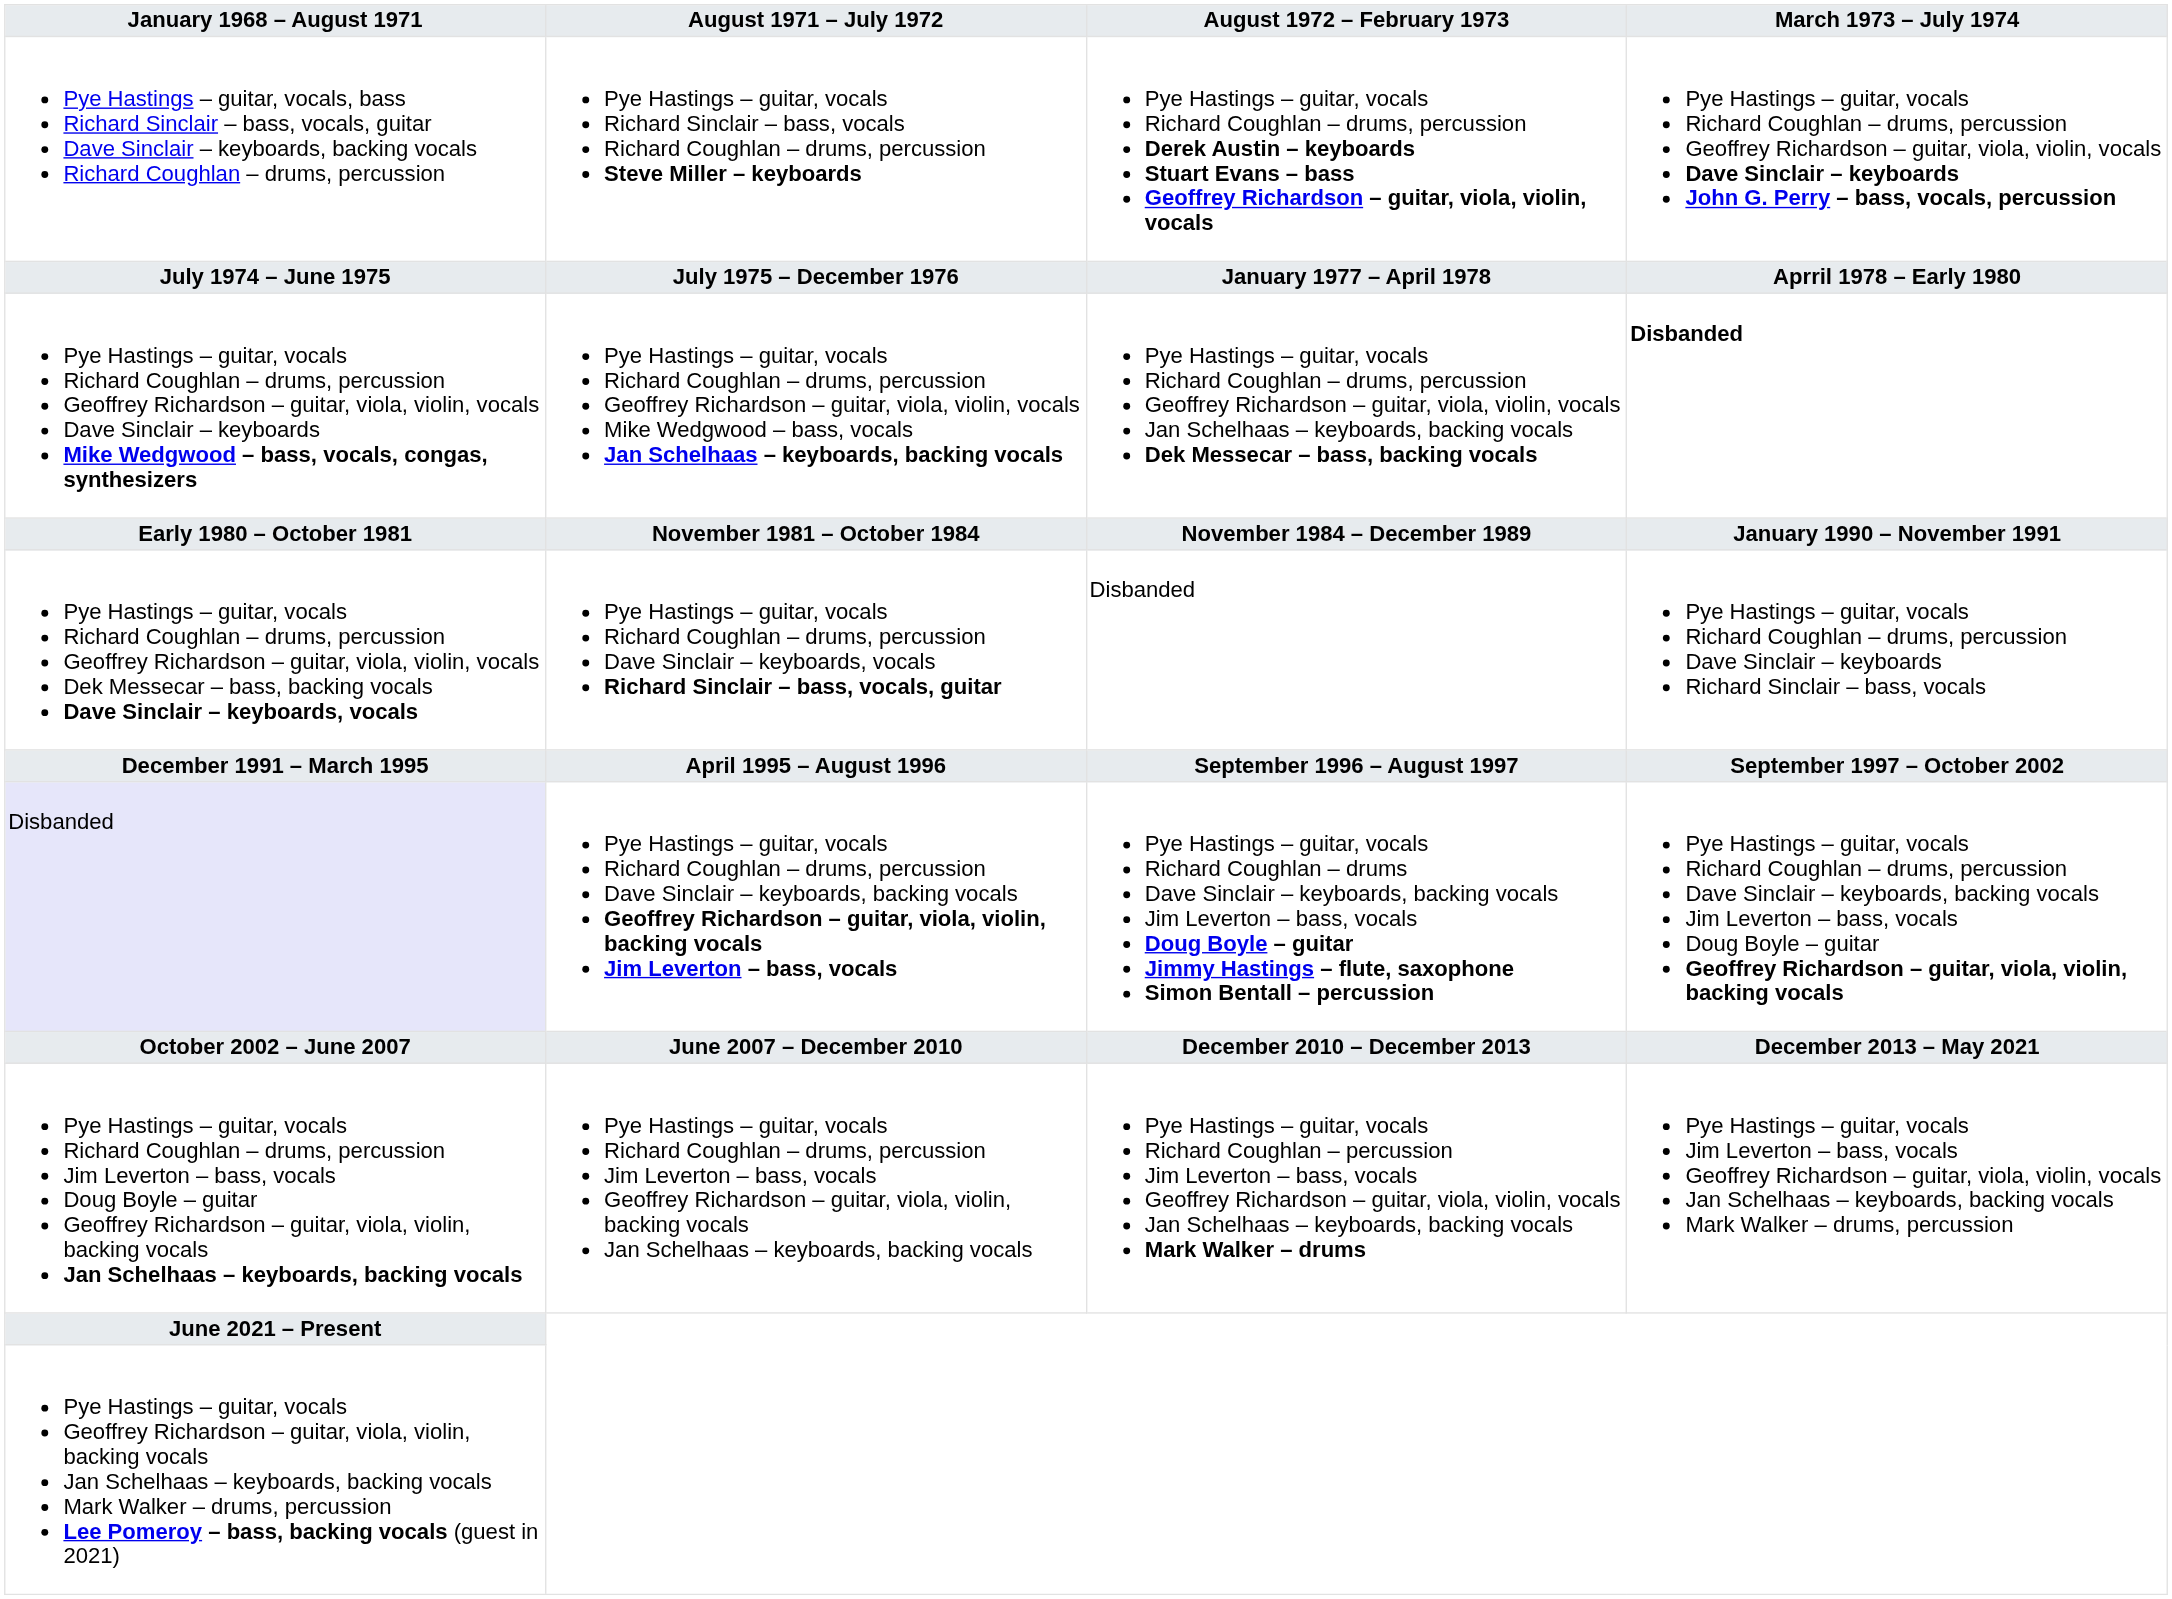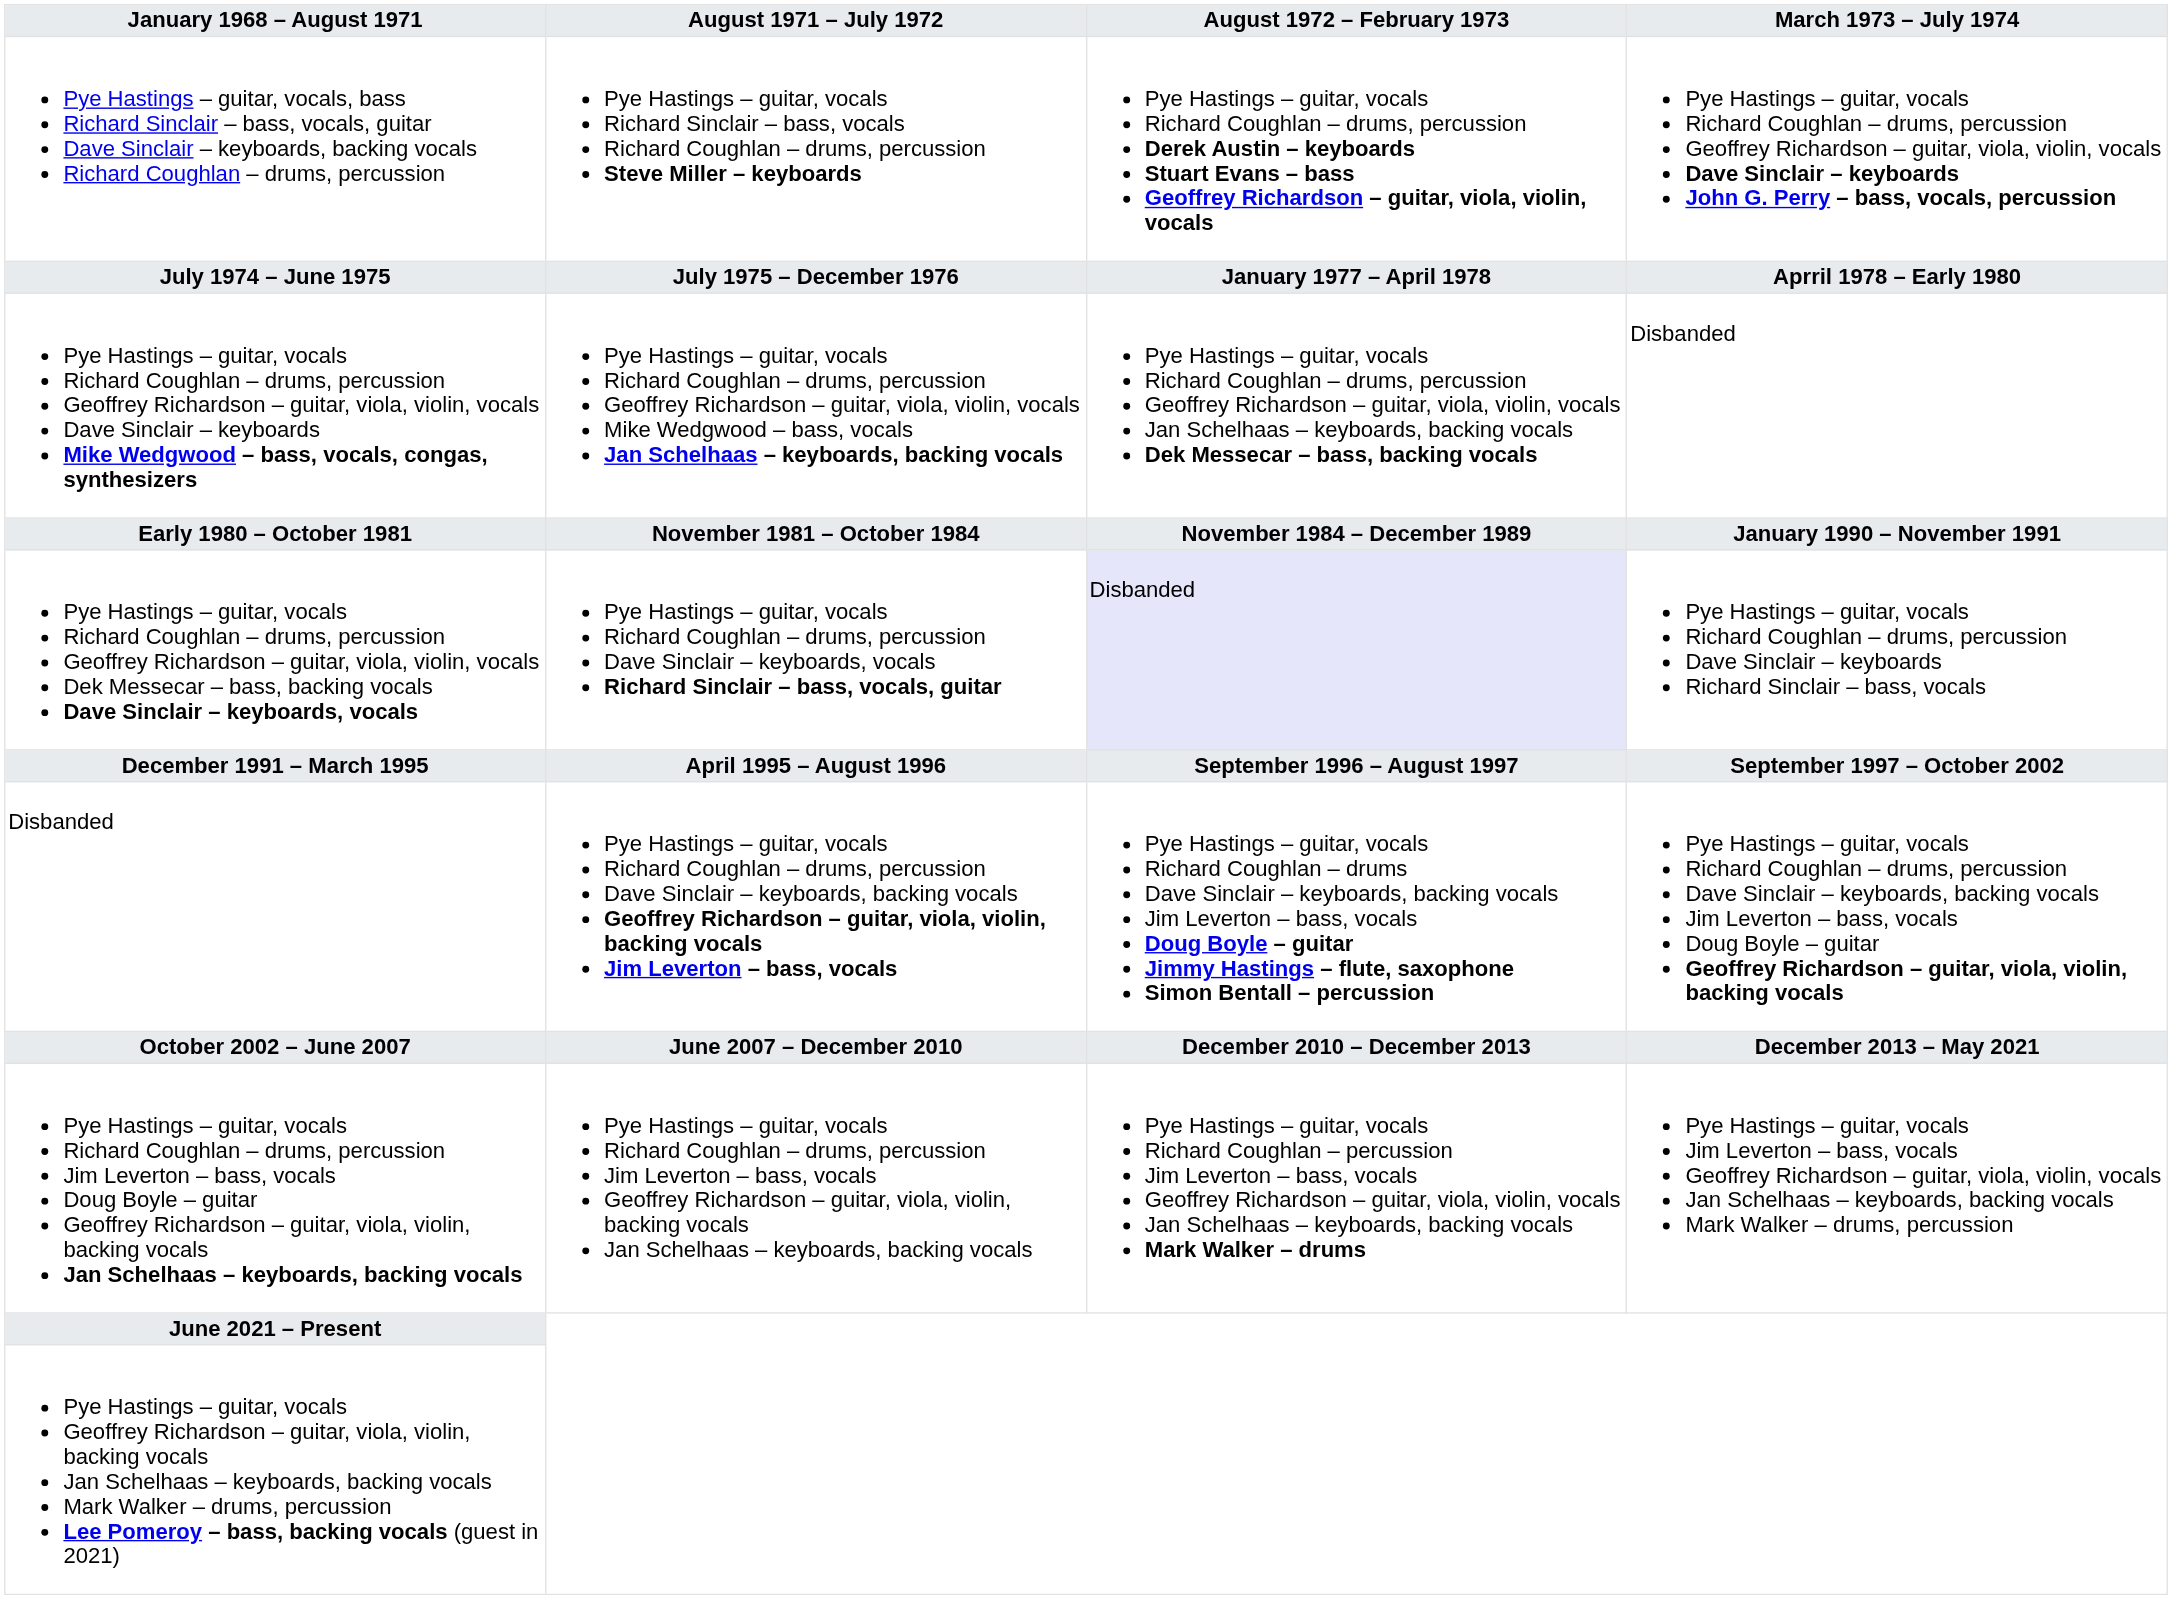 <table class="toccolours" border=1 cellpadding=2 cellspacing=0 style="float: width: 375px; margin: 0 0 1em 1em; border-collapse: collapse; border: 1px solid #E2E2E2;" width=99%>
 <tr>
 <th bgcolor="#E7EBEE" valign=top width=25%>January 1968 – August 1971</th>
 <th bgcolor="#E7EBEE" valign=top width=25%>August 1971 – July 1972</th>
 <th bgcolor="#E7EBEE" valign=top width=25%>August 1972 – February 1973</th>
 <th bgcolor="#E7EBEE" valign=top width=25%>March 1973 – July 1974</th>
 </tr>
 <tr>
 <td valign=top><br><ul><li><a href='#'>Pye Hastings</a>  –  guitar, vocals, bass</li><li><a href='#'>Richard Sinclair</a> – bass, vocals, guitar</li><li><a href='#'>Dave Sinclair</a> – keyboards, backing vocals</li><li><a href='#'>Richard Coughlan</a> – drums, percussion</li></ul></td>
 <td valign=top><br><ul><li>Pye Hastings – guitar, vocals</li><li>Richard Sinclair – bass, vocals</li><li>Richard Coughlan – drums, percussion</li><li><strong>Steve Miller – keyboards</strong></li></ul></td>
 <td valign=top><br><ul><li>Pye Hastings – guitar, vocals</li><li>Richard Coughlan – drums, percussion</li><li><strong>Derek Austin – keyboards</strong></li><li><strong>Stuart Evans – bass</strong></li><li><strong><a href='#'>Geoffrey Richardson</a> – guitar, viola, violin, vocals</strong></li></ul></td>
 <td valign=top><br><ul><li>Pye Hastings – guitar, vocals</li><li>Richard Coughlan – drums, percussion</li><li>Geoffrey Richardson – guitar, viola, violin, vocals</li><li><strong>Dave Sinclair – keyboards</strong></li><li><strong><a href='#'>John G. Perry</a> – bass, vocals, percussion</strong></li></ul></td>
 </tr>
 <tr>
 <th bgcolor="#E7EBEE" valign=top width=25%>July 1974 – June 1975</th>
 <th bgcolor="#E7EBEE" valign=top width=25%>July 1975 – December 1976</th>
 <th bgcolor="#E7EBEE" valign=top width=25%>January 1977 – April 1978</th>
 <th bgcolor="#E7EBEE" valign=top width=25%>Aprril 1978 – Early 1980</th>
 </tr>
 <tr>
 <td valign=top><br><ul><li>Pye Hastings – guitar, vocals</li><li>Richard Coughlan – drums, percussion</li><li>Geoffrey Richardson – guitar, viola, violin, vocals</li><li>Dave Sinclair – keyboards</li><li><strong><a href='#'>Mike Wedgwood</a> – bass, vocals, congas, synthesizers</strong></li></ul></td>
 <td valign=top><br><ul><li>Pye Hastings – guitar, vocals</li><li>Richard Coughlan – drums, percussion</li><li>Geoffrey Richardson – guitar, viola, violin, vocals</li><li>Mike Wedgwood – bass, vocals</li><li><strong><a href='#'>Jan Schelhaas</a> – keyboards, backing vocals</strong></li></ul></td>
 <td valign=top><br><ul><li>Pye Hastings – guitar, vocals</li><li>Richard Coughlan – drums, percussion</li><li>Geoffrey Richardson – guitar, viola, violin, vocals</li><li>Jan Schelhaas – keyboards, backing vocals</li><li><strong>Dek Messecar – bass, backing vocals</strong></li></ul></td>
-<td valign=top><strong><br>Disbanded</strong></td>
+<td valign=top><br>Disbanded</td>
 </tr>
 <tr>
 <th bgcolor="#E7EBEE" valign=top width=25%>Early 1980 – October 1981</th>
 <th bgcolor="#E7EBEE" valign=top width=25%>November 1981 – October 1984</th>
 <th bgcolor="#E7EBEE" valign=top width=25%>November 1984 – December 1989</th>
 <th bgcolor="#E7EBEE" valign=top width=25%>January 1990 – November 1991</th>
 </tr>
 <tr>
 <td valign=top><br><ul><li>Pye Hastings – guitar, vocals</li><li>Richard Coughlan – drums, percussion</li><li>Geoffrey Richardson – guitar, viola, violin, vocals</li><li>Dek Messecar – bass, backing vocals</li><li><strong>Dave Sinclair – keyboards, vocals</strong></li></ul></td>
 <td valign=top><br><ul><li>Pye Hastings – guitar, vocals</li><li>Richard Coughlan – drums, percussion</li><li>Dave Sinclair – keyboards, vocals</li><li><strong>Richard Sinclair – bass, vocals, guitar</strong></li></ul></td>
-<td valign=top><br>Disbanded</td>
+<td valign=top style="background: lavender;"><br>Disbanded</td>
 <td valign=top><br><ul><li>Pye Hastings – guitar, vocals</li><li>Richard Coughlan – drums, percussion</li><li>Dave Sinclair – keyboards</li><li>Richard Sinclair – bass, vocals</li></ul></td>
 </tr>
 <tr>
 <th bgcolor="#E7EBEE" valign=top width=25%>December 1991 – March 1995</th>
 <th bgcolor="#E7EBEE" valign=top width=25%>April 1995 – August 1996</th>
 <th bgcolor="#E7EBEE" valign=top width=25%>September 1996 – August 1997</th>
 <th bgcolor="#E7EBEE" valign=top width=25%>September 1997 – October 2002</th>
 </tr>
 <tr>
-<td valign=top style="background: lavender;"><br>Disbanded</td>
+<td valign=top><br>Disbanded</td>
 <td valign=top><br><ul><li>Pye Hastings – guitar, vocals</li><li>Richard Coughlan – drums, percussion</li><li>Dave Sinclair – keyboards, backing vocals</li><li><strong>Geoffrey Richardson – guitar, viola, violin, backing vocals</strong></li><li><strong><a href='#'>Jim Leverton</a> – bass, vocals</strong></li></ul></td>
 <td valign=top><br><ul><li>Pye Hastings – guitar, vocals</li><li>Richard Coughlan – drums</li><li>Dave Sinclair – keyboards, backing vocals</li><li>Jim Leverton – bass, vocals</li><li><strong><a href='#'>Doug Boyle</a> – guitar</strong></li><li><strong><a href='#'>Jimmy Hastings</a> – flute, saxophone</strong></li><li><strong>Simon Bentall – percussion</strong></li></ul></td>
 <td valign=top><br><ul><li>Pye Hastings – guitar, vocals</li><li>Richard Coughlan – drums, percussion</li><li>Dave Sinclair – keyboards, backing vocals</li><li>Jim Leverton – bass, vocals</li><li>Doug Boyle – guitar</li><li><strong>Geoffrey Richardson – guitar, viola, violin, backing vocals</strong></li></ul></td>
 </tr>
 <tr>
 <th bgcolor="#E7EBEE" valign=top width=25%>October 2002 – June 2007</th>
 <th bgcolor="#E7EBEE" valign=top width=25%>June 2007 – December 2010</th>
 <th bgcolor="#E7EBEE" valign=top width=25%>December 2010 – December 2013</th>
 <th bgcolor="#E7EBEE" valign=top width=25%>December 2013 – May 2021</th>
 </tr>
 <tr>
 <td valign=top><br><ul><li>Pye Hastings – guitar, vocals</li><li>Richard Coughlan – drums, percussion</li><li>Jim Leverton – bass, vocals</li><li>Doug Boyle – guitar</li><li>Geoffrey Richardson – guitar, viola, violin, backing vocals</li><li><strong>Jan Schelhaas – keyboards, backing vocals</strong></li></ul></td>
 <td valign=top><br><ul><li>Pye Hastings – guitar, vocals</li><li>Richard Coughlan – drums, percussion</li><li>Jim Leverton – bass, vocals</li><li>Geoffrey Richardson – guitar, viola, violin, backing vocals</li><li>Jan Schelhaas – keyboards, backing vocals</li></ul></td>
 <td valign=top><br><ul><li>Pye Hastings – guitar, vocals</li><li>Richard Coughlan – percussion</li><li>Jim Leverton – bass, vocals</li><li>Geoffrey Richardson – guitar, viola, violin, vocals</li><li>Jan Schelhaas – keyboards, backing vocals</li><li><strong>Mark Walker – drums</strong></li></ul></td>
 <td valign=top><br><ul><li>Pye Hastings – guitar, vocals</li><li>Jim Leverton – bass, vocals</li><li>Geoffrey Richardson – guitar, viola, violin, vocals</li><li>Jan Schelhaas – keyboards, backing vocals</li><li>Mark Walker – drums, percussion</li></ul></td>
 </tr>
 <tr>
 <th bgcolor="#E7EBEE" valign=top width=25%>June 2021 – Present</th>
 </tr>
 <tr>
 <td valign=top><br><ul><li>Pye Hastings – guitar, vocals</li><li>Geoffrey Richardson – guitar, viola, violin, backing vocals</li><li>Jan Schelhaas – keyboards, backing vocals</li><li>Mark Walker – drums, percussion</li><li><strong><a href='#'>Lee Pomeroy</a> – bass, backing vocals</strong> (guest in 2021)</li></ul></td>
 </tr>
 </table>
